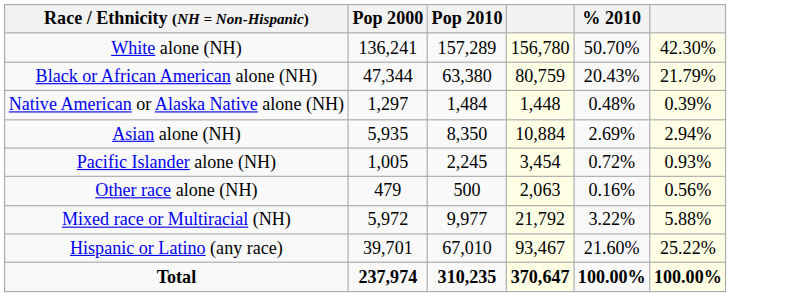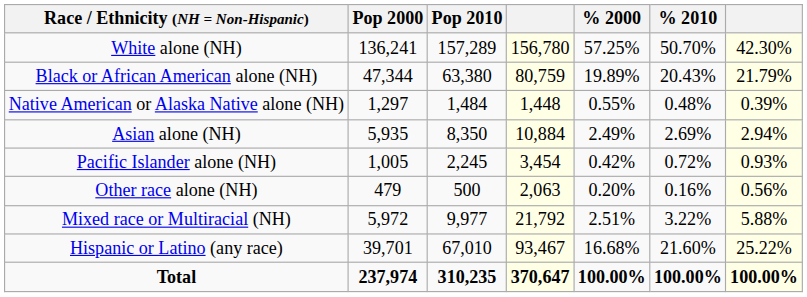 <table class="wikitable" style="text-align:center;">
 <tr>
 <th>Race / Ethnicity <small>(<em>NH = Non-Hispanic</em>)</small></th>
 <th>Pop 2000</th>
 <th>Pop 2010</th>
 <th></th>
+<th>% 2000</th>
 <th>% 2010</th>
 <th></th>
 </tr>
 <tr>
 <td><a href='#'>White</a> alone (NH)</td>
 <td>136,241</td>
 <td>157,289</td>
 <td style='background: #ffffe6;'>156,780</td>
+<td>57.25%</td>
 <td>50.70%</td>
 <td style='background: #ffffe6;'>42.30%</td>
 </tr>
 <tr>
 <td><a href='#'>Black or African American</a> alone (NH)</td>
 <td>47,344</td>
 <td>63,380</td>
 <td style='background: #ffffe6;'>80,759</td>
+<td>19.89%</td>
 <td>20.43%</td>
 <td style='background: #ffffe6;'>21.79%</td>
 </tr>
 <tr>
 <td><a href='#'>Native American</a> or <a href='#'>Alaska Native</a> alone (NH)</td>
 <td>1,297</td>
 <td>1,484</td>
 <td style='background: #ffffe6;'>1,448</td>
+<td>0.55%</td>
 <td>0.48%</td>
 <td style='background: #ffffe6;'>0.39%</td>
 </tr>
 <tr>
 <td><a href='#'>Asian</a> alone (NH)</td>
 <td>5,935</td>
 <td>8,350</td>
 <td style='background: #ffffe6;'>10,884</td>
+<td>2.49%</td>
 <td>2.69%</td>
 <td style='background: #ffffe6;'>2.94%</td>
 </tr>
 <tr>
 <td><a href='#'>Pacific Islander</a> alone (NH)</td>
 <td>1,005</td>
 <td>2,245</td>
 <td style='background: #ffffe6;'>3,454</td>
+<td>0.42%</td>
 <td>0.72%</td>
 <td style='background: #ffffe6;'>0.93%</td>
 </tr>
 <tr>
 <td><a href='#'>Other race</a> alone (NH)</td>
 <td>479</td>
 <td>500</td>
 <td style='background: #ffffe6;'>2,063</td>
+<td>0.20%</td>
 <td>0.16%</td>
 <td style='background: #ffffe6;'>0.56%</td>
 </tr>
 <tr>
 <td><a href='#'>Mixed race or Multiracial</a> (NH)</td>
 <td>5,972</td>
 <td>9,977</td>
 <td style='background: #ffffe6;'>21,792</td>
+<td>2.51%</td>
 <td>3.22%</td>
 <td style='background: #ffffe6;'>5.88%</td>
 </tr>
 <tr>
 <td><a href='#'>Hispanic or Latino</a> (any race)</td>
 <td>39,701</td>
 <td>67,010</td>
 <td style='background: #ffffe6;'>93,467</td>
+<td>16.68%</td>
 <td>21.60%</td>
 <td style='background: #ffffe6;'>25.22%</td>
 </tr>
 <tr>
 <td><strong>Total</strong></td>
 <td><strong>237,974</strong></td>
 <td><strong>310,235</strong></td>
 <td style='background: #ffffe6;'><strong>370,647</strong></td>
 <td><strong>100.00%</strong></td>
+<td><strong>100.00%</strong></td>
 <td style='background: #ffffe6;'><strong>100.00%</strong></td>
 </tr>
 </table>
